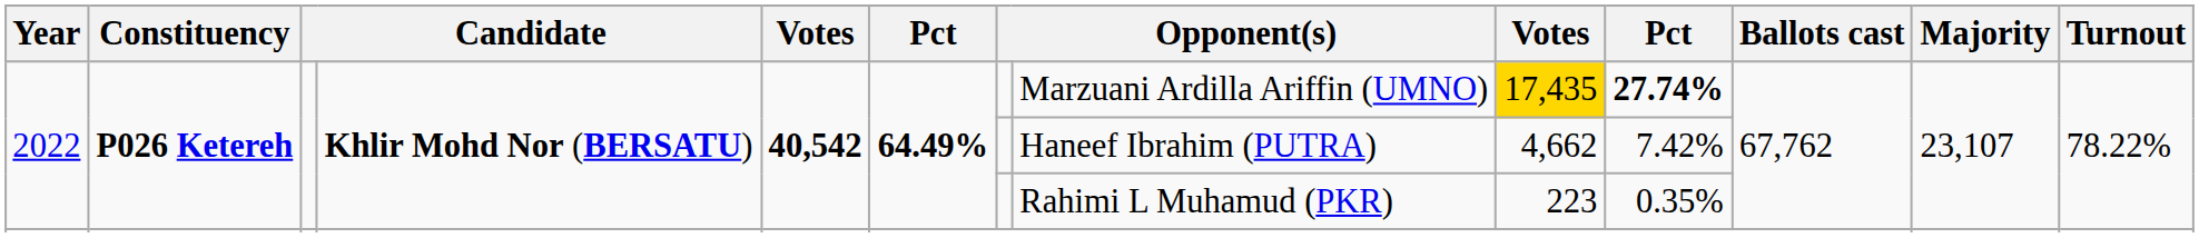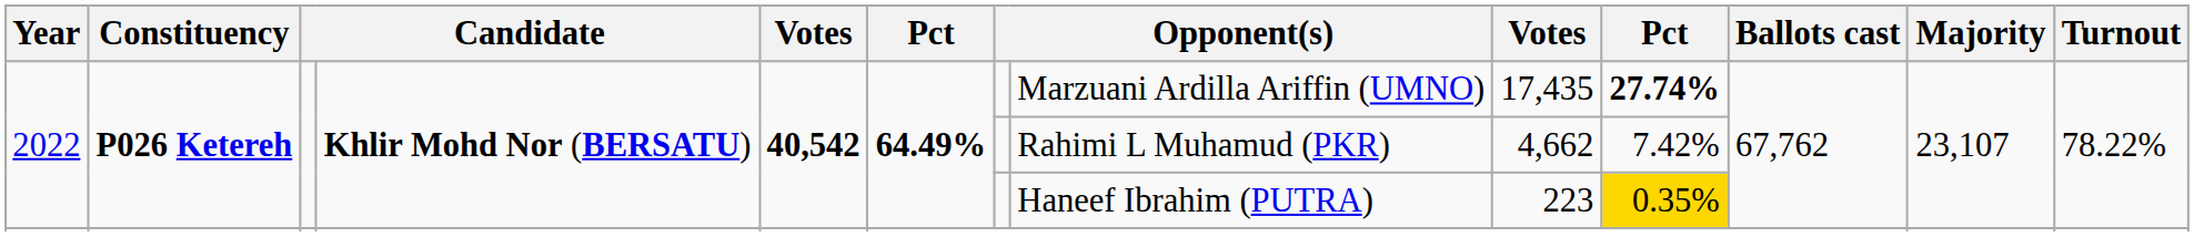 <table class="wikitable" style="margin:0.5em ; font-size:95%">
 <tr>
 <th>Year</th>
 <th>Constituency</th>
 <th colspan="2">Candidate</th>
 <th>Votes</th>
 <th>Pct</th>
 <th colspan="2">Opponent(s)</th>
 <th>Votes</th>
 <th>Pct</th>
 <th>Ballots cast</th>
 <th>Majority</th>
 <th>Turnout</th>
 </tr>
 <tr>
 <td rowspan="4"><a href='#'>2022</a></td>
 <td rowspan="4"><strong>P026 <a href='#'>Ketereh</a></strong></td>
 <td rowspan="7" ></td>
 <td rowspan="4"><strong>Khlir Mohd Nor</strong> (<a href='#'><strong>BERSATU</strong></a>)</td>
 <td rowspan="4" align=right><strong>40,542</strong></td>
 <td rowspan="4"><strong>64.49%</strong></td>
 <td></td>
 <td>Marzuani Ardilla Ariffin (<a href='#'>UMNO</a>)</td>
-<td align="right" style="background: gold;">17,435</td>
+<td align="right">17,435</td>
 <td align="right"><strong>27.74%</strong></td>
 <td rowspan="4">67,762</td>
 <td rowspan="4">23,107</td>
 <td rowspan="4">78.22%</td>
 </tr>
 <tr>
 <td></td>
-<td>Haneef Ibrahim (<a href='#'>PUTRA</a>)</td>
+<td>Rahimi L Muhamud (<a href='#'>PKR</a>)</td>
 <td align="right">4,662</td>
 <td align="right">7.42%</td>
 </tr>
 <tr>
 <td></td>
-<td>Rahimi L Muhamud (<a href='#'>PKR</a>)</td>
+<td>Haneef Ibrahim (<a href='#'>PUTRA</a>)</td>
 <td align="right">223</td>
-<td align="right">0.35%</td>
+<td align="right" style="background: gold;">0.35%</td>
 </tr>
 <tr>
 </tr>
 </table>
